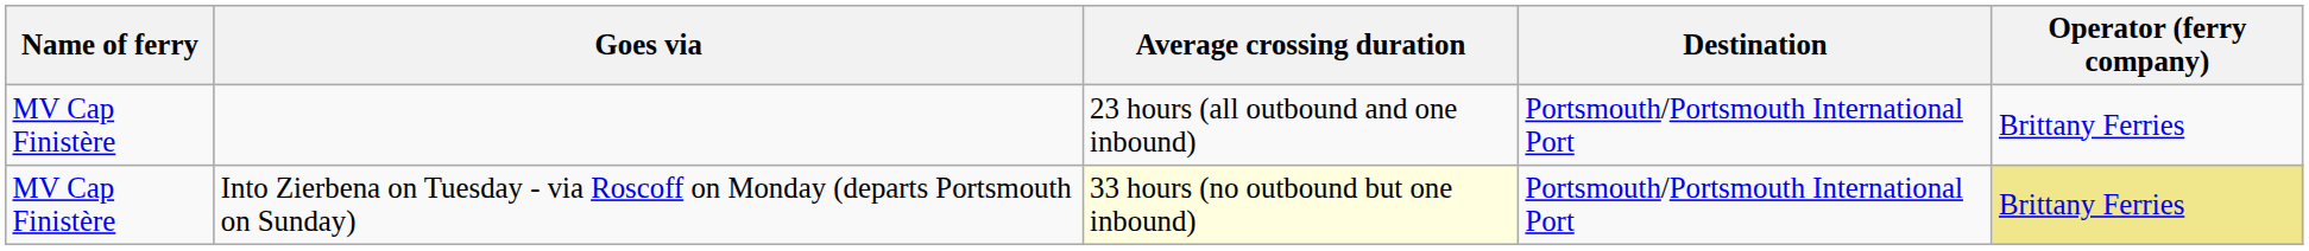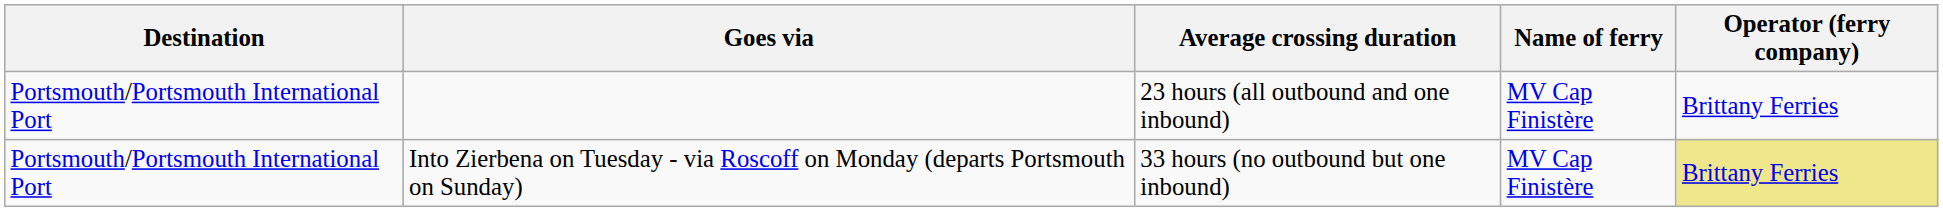 <table class="wikitable sortable">
 <tr>
-<th>Name of ferry</th>
+<th>Destination</th>
 <th>Goes via</th>
 <th>Average crossing duration</th>
-<th>Destination</th>
+<th>Name of ferry</th>
 <th>Operator (ferry company)</th>
 </tr>
 <tr>
-<td><a href='#'>MV Cap Finistère</a></td>
+<td><a href='#'>Portsmouth</a>/<a href='#'>Portsmouth International Port</a></td>
 <td></td>
 <td>23 hours (all outbound and one inbound)</td>
-<td><a href='#'>Portsmouth</a>/<a href='#'>Portsmouth International Port</a></td>
+<td><a href='#'>MV Cap Finistère</a></td>
 <td><a href='#'>Brittany Ferries</a></td>
 </tr>
 <tr>
+<td><a href='#'>Portsmouth</a>/<a href='#'>Portsmouth International Port</a></td>
+<td>Into Zierbena on Tuesday - via <a href='#'>Roscoff</a> on Monday (departs Portsmouth on Sunday)</td>
+<td>33 hours (no outbound but one inbound)</td>
 <td><a href='#'>MV Cap Finistère</a></td>
-<td>Into Zierbena on Tuesday - via <a href='#'>Roscoff</a> on Monday (departs Portsmouth on Sunday)</td>
-<td style="background: lightyellow;">33 hours (no outbound but one inbound)</td>
-<td><a href='#'>Portsmouth</a>/<a href='#'>Portsmouth International Port</a></td>
 <td style="background: khaki;"><a href='#'>Brittany Ferries</a></td>
 </tr>
 </table>
